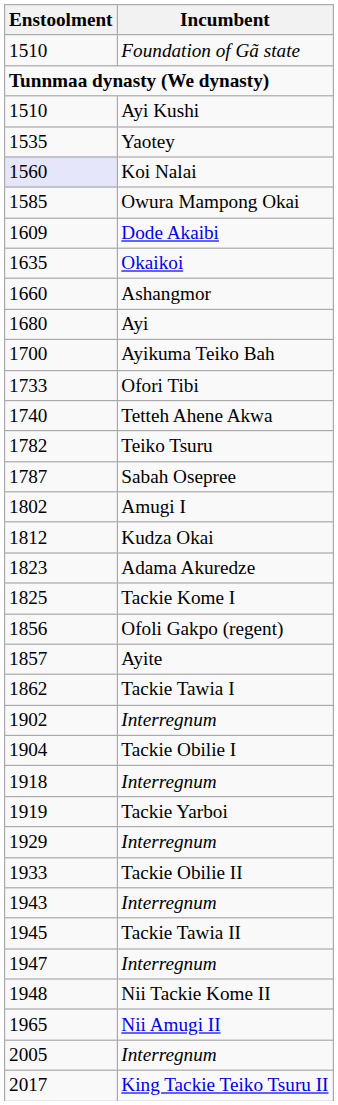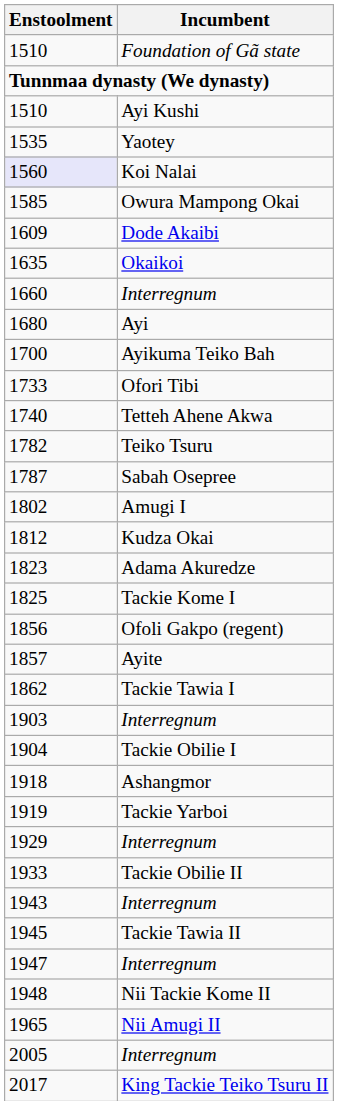 <table class="wikitable">
 <tr>
 <th>Enstoolment</th>
 <th>Incumbent</th>
 </tr>
 <tr>
 <td>1510</td>
 <td><em>Foundation of Gã state</em></td>
 </tr>
 <tr>
 <td colspan="2"><strong>Tunnmaa dynasty (We dynasty)</strong></td>
 </tr>
 <tr>
 <td>1510</td>
 <td>Ayi Kushi</td>
 </tr>
 <tr>
 <td>1535</td>
 <td>Yaotey</td>
 </tr>
 <tr>
 <td style="background: lavender;">1560</td>
 <td>Koi Nalai</td>
 </tr>
 <tr>
 <td>1585</td>
 <td>Owura Mampong Okai</td>
 </tr>
 <tr>
 <td>1609</td>
 <td><a href='#'>Dode Akaibi</a></td>
 </tr>
 <tr>
 <td>1635</td>
 <td><a href='#'>Okaikoi</a></td>
 </tr>
 <tr>
 <td>1660</td>
-<td>Ashangmor</td>
+<td><em>Interregnum</em></td>
 </tr>
 <tr>
 <td>1680</td>
 <td>Ayi</td>
 </tr>
 <tr>
 <td>1700</td>
 <td>Ayikuma Teiko Bah</td>
 </tr>
 <tr>
 <td>1733</td>
 <td>Ofori Tibi</td>
 </tr>
 <tr>
 <td>1740</td>
 <td>Tetteh Ahene Akwa</td>
 </tr>
 <tr>
 <td>1782</td>
 <td>Teiko Tsuru</td>
 </tr>
 <tr>
 <td>1787</td>
 <td>Sabah Osepree</td>
 </tr>
 <tr>
 <td>1802</td>
 <td>Amugi I</td>
 </tr>
 <tr>
 <td>1812</td>
 <td>Kudza Okai</td>
 </tr>
 <tr>
 <td>1823</td>
 <td>Adama Akuredze</td>
 </tr>
 <tr>
 <td>1825</td>
 <td>Tackie Kome I</td>
 </tr>
 <tr>
 <td>1856</td>
 <td>Ofoli Gakpo (regent)</td>
 </tr>
 <tr>
 <td>1857</td>
 <td>Ayite</td>
 </tr>
 <tr>
 <td>1862</td>
 <td>Tackie Tawia I</td>
 </tr>
 <tr>
-<td>1902</td>
+<td>1903</td>
 <td><em>Interregnum</em></td>
 </tr>
 <tr>
 <td>1904</td>
 <td>Tackie Obilie I</td>
 </tr>
 <tr>
 <td>1918</td>
-<td><em>Interregnum</em></td>
+<td>Ashangmor</td>
 </tr>
 <tr>
 <td>1919</td>
 <td>Tackie Yarboi</td>
 </tr>
 <tr>
 <td>1929</td>
 <td><em>Interregnum</em></td>
 </tr>
 <tr>
 <td>1933</td>
 <td>Tackie Obilie II</td>
 </tr>
 <tr>
 <td>1943</td>
 <td><em>Interregnum</em></td>
 </tr>
 <tr>
 <td>1945</td>
 <td>Tackie Tawia II</td>
 </tr>
 <tr>
 <td>1947</td>
 <td><em>Interregnum</em></td>
 </tr>
 <tr>
 <td>1948</td>
 <td>Nii Tackie Kome II</td>
 </tr>
 <tr>
 <td>1965</td>
 <td><a href='#'>Nii Amugi II</a></td>
 </tr>
 <tr>
 <td>2005</td>
 <td><em>Interregnum</em></td>
 </tr>
 <tr>
 <td>2017</td>
 <td><a href='#'>King Tackie Teiko Tsuru II</a></td>
 </tr>
 </table>
